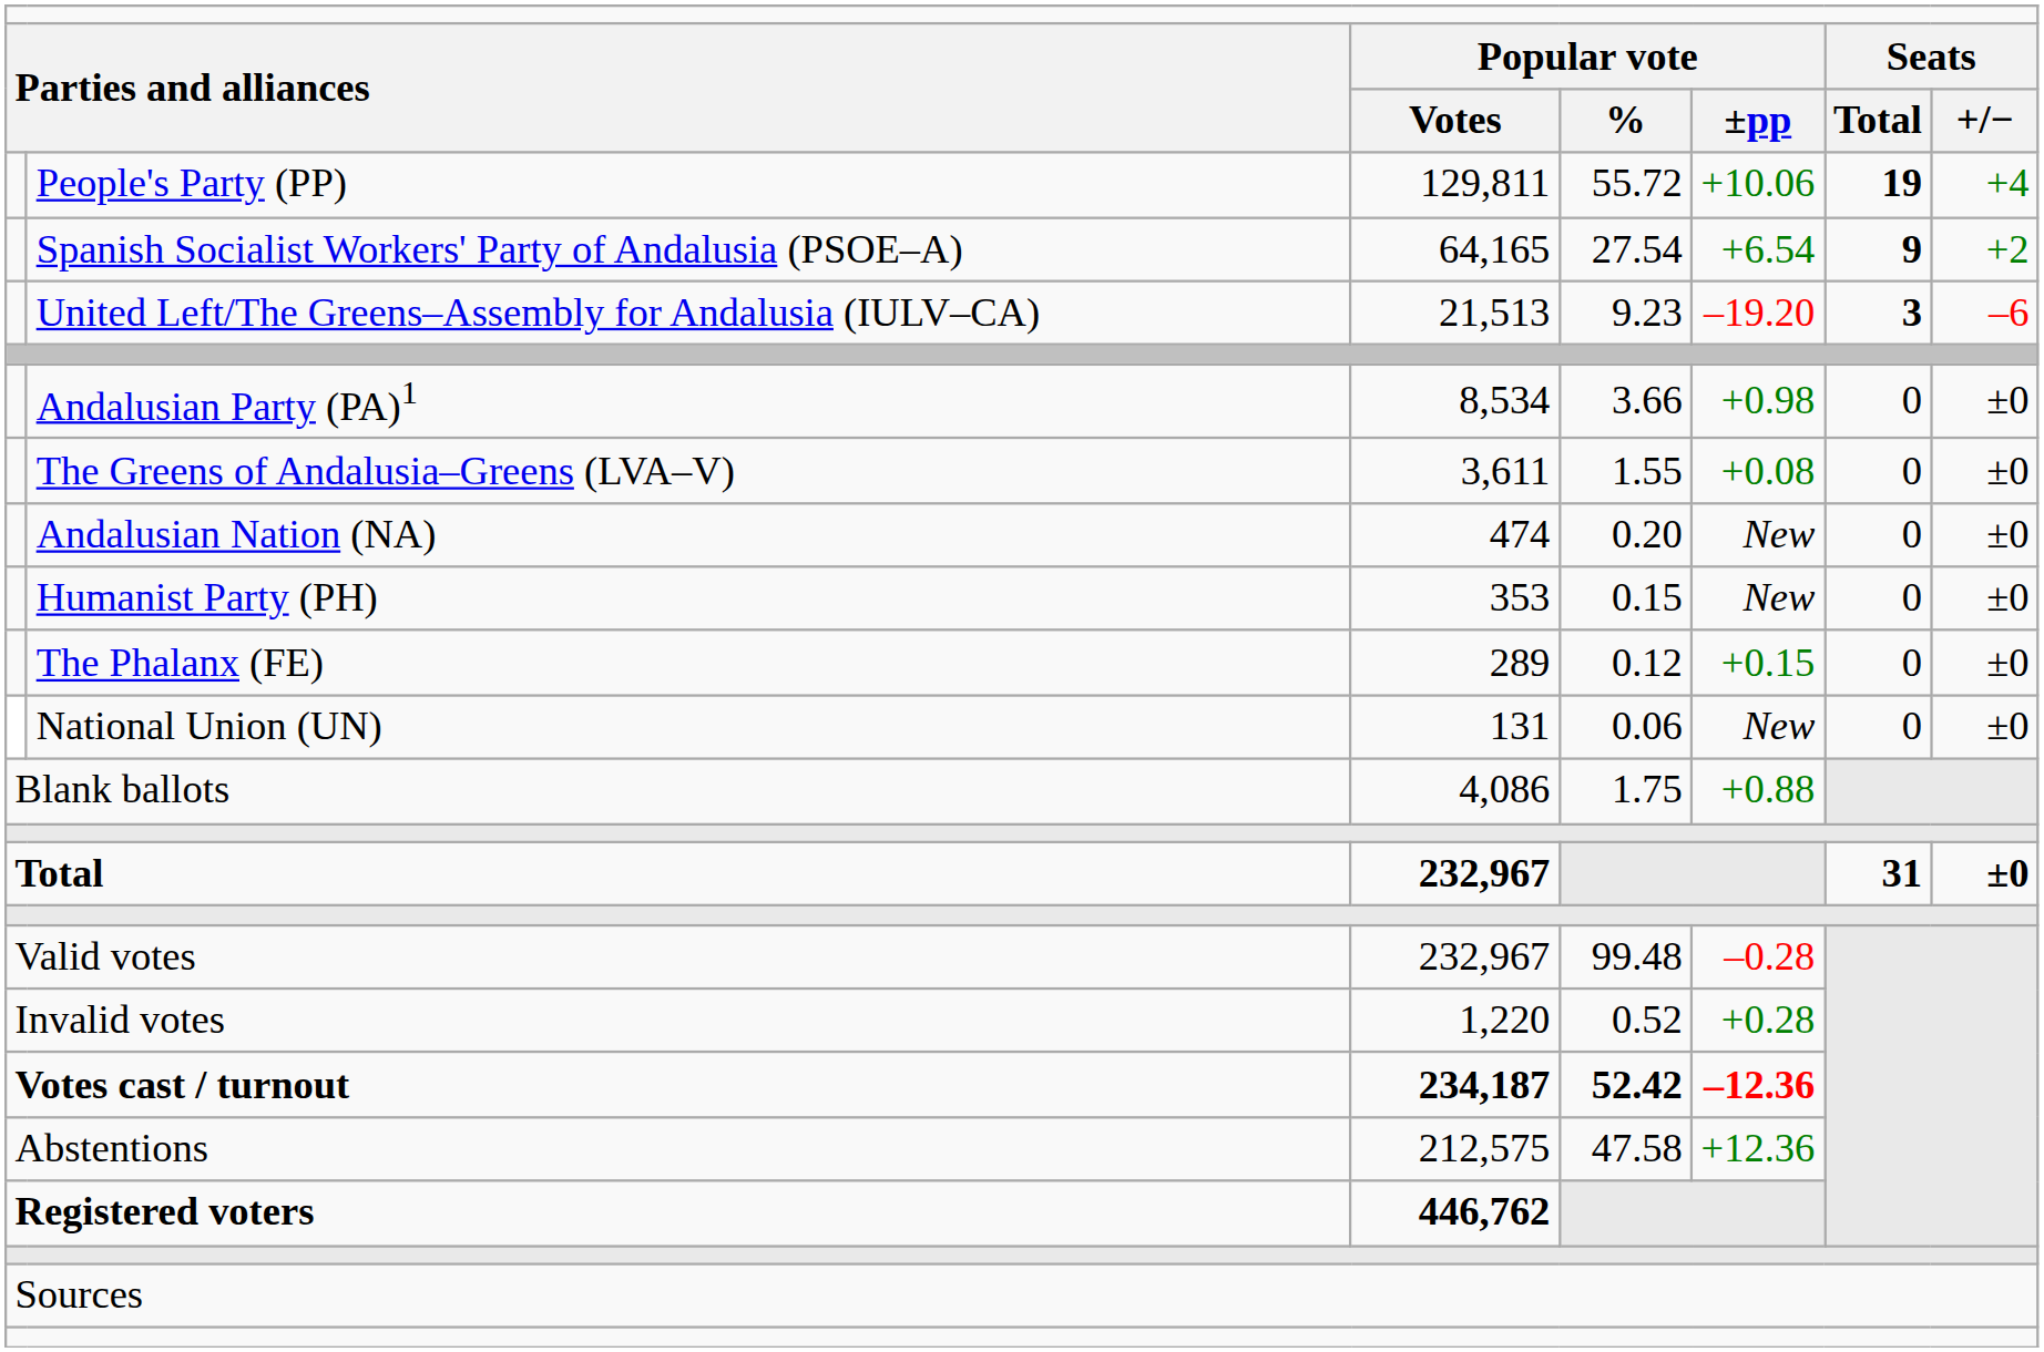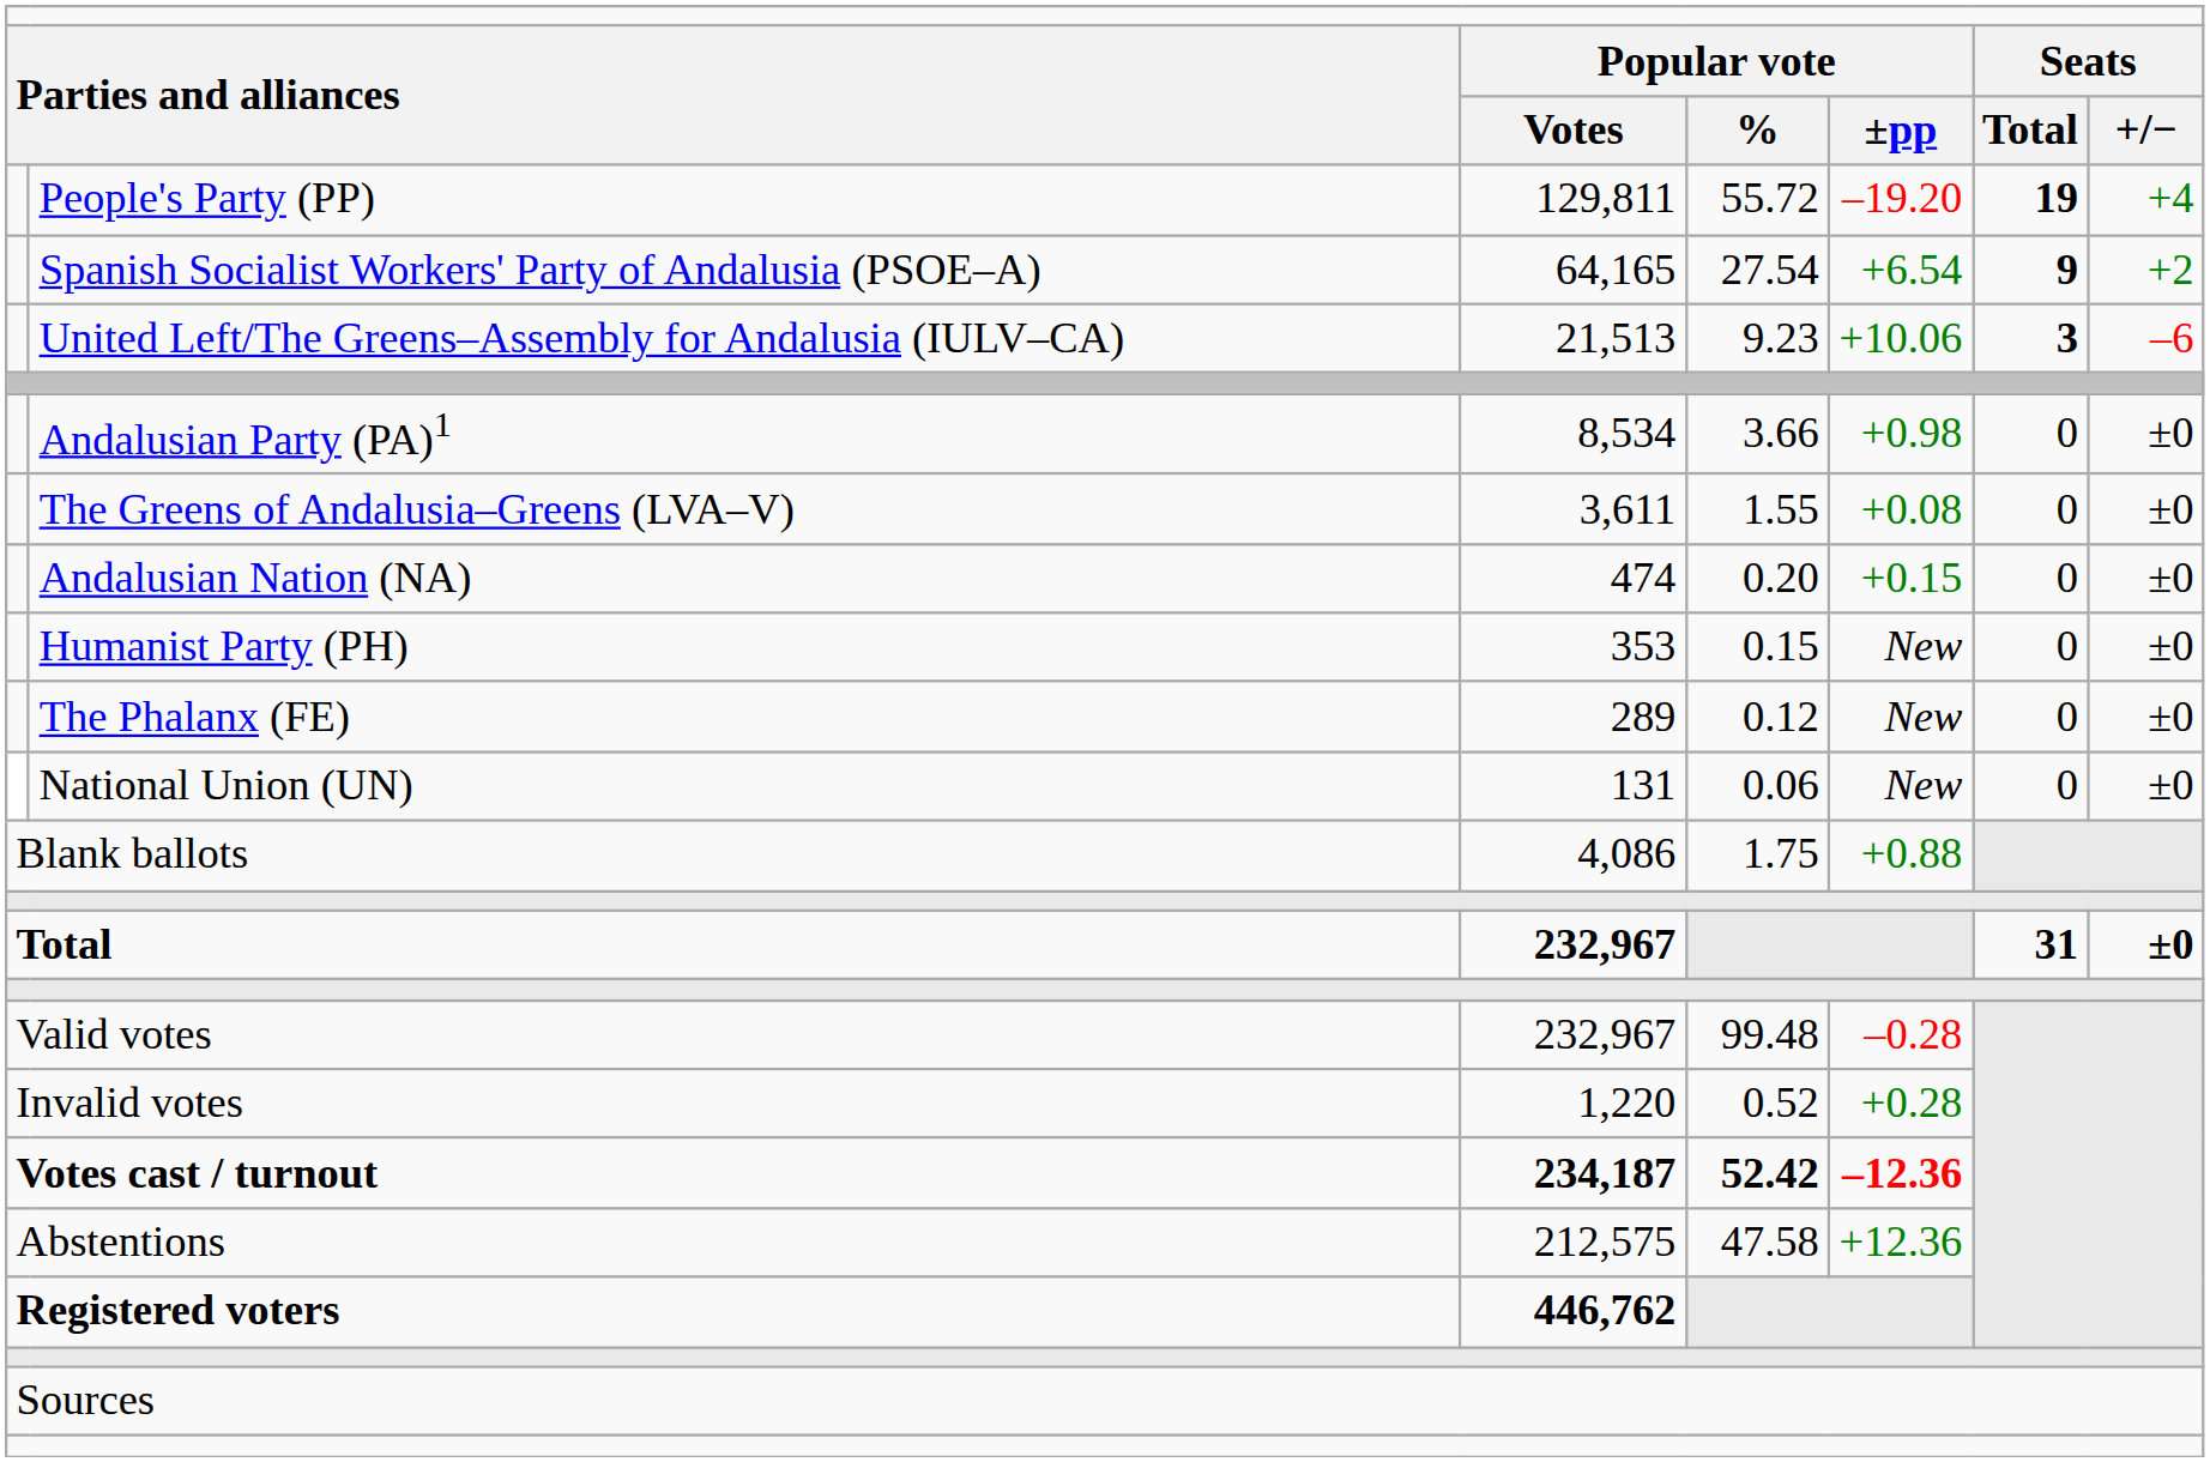 <table class="wikitable" style="text-align:right;">
 <tr>
 <td colspan="7"></td>
 </tr>
 <tr>
 <th style="text-align:left;" rowspan="2" colspan="2" width="525">Parties and alliances</th>
 <th colspan="3">Popular vote</th>
 <th colspan="2">Seats</th>
 </tr>
 <tr>
 <th width="75">Votes</th>
 <th width="45">%</th>
 <th width="45">±<a href='#'>pp</a></th>
 <th width="35">Total</th>
 <th width="35">+/−</th>
 </tr>
 <tr>
 <td width="1" style="color:inherit;background:"></td>
 <td align="left"><a href='#'>People's Party</a> (PP)</td>
 <td>129,811</td>
 <td>55.72</td>
-<td style="color:green;">+10.06</td>
+<td style="color:red;">–19.20</td>
 <td><strong>19</strong></td>
 <td style="color:green;">+4</td>
 </tr>
 <tr>
 <td style="color:inherit;background:"></td>
 <td align="left"><a href='#'>Spanish Socialist Workers' Party of Andalusia</a> (PSOE–A)</td>
 <td>64,165</td>
 <td>27.54</td>
 <td style="color:green;">+6.54</td>
 <td><strong>9</strong></td>
 <td style="color:green;">+2</td>
 </tr>
 <tr>
 <td style="color:inherit;background:"></td>
 <td align="left"><a href='#'>United Left/The Greens–Assembly for Andalusia</a> (IULV–CA)</td>
 <td>21,513</td>
 <td>9.23</td>
-<td style="color:red;">–19.20</td>
+<td style="color:green;">+10.06</td>
 <td><strong>3</strong></td>
 <td style="color:red;">–6</td>
 </tr>
 <tr>
 <td colspan="7" bgcolor="#C0C0C0"></td>
 </tr>
 <tr>
 <td style="color:inherit;background:"></td>
 <td align="left"><a href='#'>Andalusian Party</a> (PA)<sup>1</sup></td>
 <td>8,534</td>
 <td>3.66</td>
 <td style="color:green;">+0.98</td>
 <td>0</td>
 <td>±0</td>
 </tr>
 <tr>
 <td style="color:inherit;background:"></td>
 <td align="left"><a href='#'>The Greens of Andalusia–Greens</a> (LVA–V)</td>
 <td>3,611</td>
 <td>1.55</td>
 <td style="color:green;">+0.08</td>
 <td>0</td>
 <td>±0</td>
 </tr>
 <tr>
 <td style="color:inherit;background:"></td>
 <td align="left"><a href='#'>Andalusian Nation</a> (NA)</td>
 <td>474</td>
 <td>0.20</td>
-<td><em>New</em></td>
+<td style="color:green;">+0.15</td>
 <td>0</td>
 <td>±0</td>
 </tr>
 <tr>
 <td style="color:inherit;background:"></td>
 <td align="left"><a href='#'>Humanist Party</a> (PH)</td>
 <td>353</td>
 <td>0.15</td>
 <td><em>New</em></td>
 <td>0</td>
 <td>±0</td>
 </tr>
 <tr>
 <td style="color:inherit;background:"></td>
 <td align="left"><a href='#'>The Phalanx</a> (FE)</td>
 <td>289</td>
 <td>0.12</td>
-<td style="color:green;">+0.15</td>
+<td><em>New</em></td>
 <td>0</td>
 <td>±0</td>
 </tr>
 <tr>
 <td bgcolor="white"></td>
 <td align="left">National Union (UN)</td>
 <td>131</td>
 <td>0.06</td>
 <td><em>New</em></td>
 <td>0</td>
 <td>±0</td>
 </tr>
 <tr>
 <td align="left" colspan="2">Blank ballots</td>
 <td>4,086</td>
 <td>1.75</td>
 <td style="color:green;">+0.88</td>
 <td bgcolor="#E9E9E9" colspan="2"></td>
 </tr>
 <tr>
 <td colspan="7" bgcolor="#E9E9E9"></td>
 </tr>
 <tr style="font-weight:bold;">
 <td align="left" colspan="2">Total</td>
 <td>232,967</td>
 <td bgcolor="#E9E9E9" colspan="2"></td>
 <td>31</td>
 <td>±0</td>
 </tr>
 <tr>
 <td colspan="7" bgcolor="#E9E9E9"></td>
 </tr>
 <tr>
 <td align="left" colspan="2">Valid votes</td>
 <td>232,967</td>
 <td>99.48</td>
 <td style="color:red;">–0.28</td>
 <td bgcolor="#E9E9E9" colspan="2" rowspan="5"></td>
 </tr>
 <tr>
 <td align="left" colspan="2">Invalid votes</td>
 <td>1,220</td>
 <td>0.52</td>
 <td style="color:green;">+0.28</td>
 </tr>
 <tr style="font-weight:bold;">
 <td align="left" colspan="2">Votes cast / turnout</td>
 <td>234,187</td>
 <td>52.42</td>
 <td style="color:red;">–12.36</td>
 </tr>
 <tr>
 <td align="left" colspan="2">Abstentions</td>
 <td>212,575</td>
 <td>47.58</td>
 <td style="color:green;">+12.36</td>
 </tr>
 <tr style="font-weight:bold;">
 <td align="left" colspan="2">Registered voters</td>
 <td>446,762</td>
 <td bgcolor="#E9E9E9" colspan="2"></td>
 </tr>
 <tr>
 <td colspan="7" bgcolor="#E9E9E9"></td>
 </tr>
 <tr>
 <td align="left" colspan="7">Sources</td>
 </tr>
 <tr>
 <td colspan="7" style="text-align:left; max-width:790px;"></td>
 </tr>
 </table>
